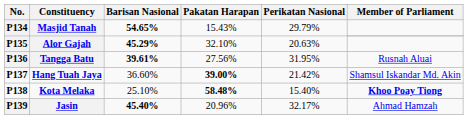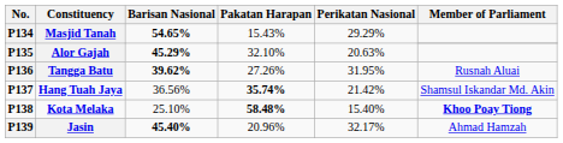 <table class=wikitable>
 <tr>
 <th>No.</th>
 <th>Constituency</th>
 <th>Barisan Nasional</th>
 <th>Pakatan Harapan</th>
 <th>Perikatan Nasional</th>
 <th>Member of Parliament</th>
 </tr>
 <tr align=center>
 <th>P134</th>
 <th><a href='#'>Masjid Tanah</a></th>
 <td><strong>54.65%</strong></td>
 <td>15.43%</td>
-<td>29.79%</td>
+<td>29.29%</td>
 <td></td>
 </tr>
 <tr align=center>
 <th rowspan=2 >P135</th>
 <th rowspan=2 ><a href='#'>Alor Gajah</a></th>
 <td rowspan=2><strong>45.29%</strong></td>
 <td rowspan=2>32.10%</td>
 <td rowspan=2>20.63%</td>
 </tr>
 <tr align=center>
 <td></td>
 </tr>
 <tr align=center>
 <th rowspan=1 >P136</th>
 <th><a href='#'>Tangga Batu</a></th>
-<td><strong>39.61%</strong></td>
-<td>27.56%</td>
+<td><strong>39.62%</strong></td>
+<td>27.26%</td>
 <td>31.95%</td>
 <td><a href='#'>Rusnah Aluai</a></td>
 </tr>
 <tr align=center>
 <td><strong>P137</strong></td>
 <td><strong><a href='#'>Hang Tuah Jaya</a></strong></td>
-<td>36.60%</td>
-<td><strong>39.00%</strong></td>
+<td>36.56%</td>
+<td><strong>35.74%</strong></td>
 <td>21.42%</td>
 <td><a href='#'>Shamsul Iskandar Md. Akin</a></td>
 </tr>
 <tr align=center>
 <td><strong>P138</strong></td>
 <td><strong><a href='#'>Kota Melaka</a></strong></td>
 <td>25.10%</td>
 <td><strong>58.48%</strong></td>
 <td>15.40%</td>
 <td><strong><a href='#'>Khoo Poay Tiong</a></strong></td>
 </tr>
 <tr align=center>
 <th rowspan=2 >P139</th>
 <th rowspan=2 ><a href='#'>Jasin</a></th>
 <td><strong>45.40%</strong></td>
 <td>20.96%</td>
 <td>32.17%</td>
 <td><a href='#'>Ahmad Hamzah</a></td>
 </tr>
 </table>
